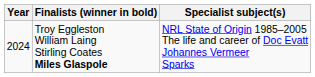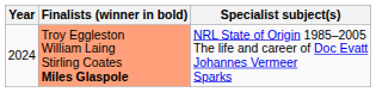 <table class="wikitable">
 <tr>
 <th>Year</th>
 <th>Finalists (winner in bold)</th>
 <th>Specialist subject(s)</th>
 </tr>
 <tr>
 <td>2024</td>
-<td>Troy Eggleston<br>William Laing<br>Stirling Coates<br><strong>Miles Glaspole</strong></td>
+<td style="background: lightsalmon;">Troy Eggleston<br>William Laing<br>Stirling Coates<br><strong>Miles Glaspole</strong></td>
 <td><a href='#'>NRL State of Origin</a> 1985–2005<br>The life and career of <a href='#'>Doc Evatt</a><br><a href='#'>Johannes Vermeer</a><br><a href='#'>Sparks</a></td>
 </tr>
 </table>
